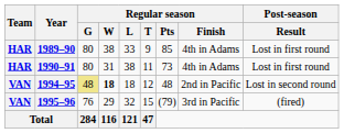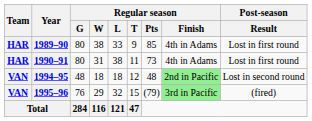 <table class="wikitable" style="font-size: 95%; text-align:center;">
 <tr>
 <th rowspan="2">Team</th>
 <th rowspan="2">Year</th>
 <th colspan="6">Regular season</th>
 <th colspan="1">Post-season</th>
 </tr>
 <tr>
 <th>G</th>
 <th>W</th>
 <th>L</th>
 <th>T</th>
 <th>Pts</th>
 <th>Finish</th>
 <th>Result</th>
 </tr>
 <tr>
 <th><a href='#'>HAR</a></th>
 <th><a href='#'>1989–90</a></th>
 <td>80</td>
 <td>38</td>
 <td>33</td>
 <td>9</td>
 <td>85</td>
 <td>4th in Adams</td>
 <td>Lost in first round</td>
 </tr>
 <tr>
 <th><a href='#'>HAR</a></th>
 <th><a href='#'>1990–91</a></th>
 <td>80</td>
 <td>31</td>
 <td>38</td>
 <td>11</td>
 <td>73</td>
 <td>4th in Adams</td>
 <td>Lost in first round</td>
 </tr>
 <tr>
 <th><a href='#'>VAN</a></th>
 <th><a href='#'>1994–95</a></th>
-<td style="background: khaki;">48</td>
-<td><strong>18</strong></td>
+<td>48</td>
+<td>18</td>
 <td>18</td>
 <td>12</td>
 <td>48</td>
-<td>2nd in Pacific</td>
+<td style="background: lightgreen;">2nd in Pacific</td>
 <td>Lost in second round</td>
 </tr>
 <tr>
 <th><a href='#'>VAN</a></th>
 <th><a href='#'>1995–96</a></th>
 <td>76</td>
 <td>29</td>
 <td>32</td>
 <td>15</td>
 <td>(79)</td>
-<td>3rd in Pacific</td>
+<td style="background: lightgreen;">3rd in Pacific</td>
 <td>(fired)</td>
 </tr>
 <tr>
 <th colspan="2">Total</th>
 <th>284</th>
 <th>116</th>
 <th>121</th>
 <th>47</th>
 </tr>
 </table>
